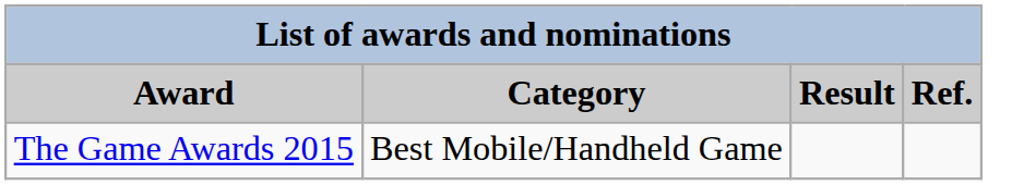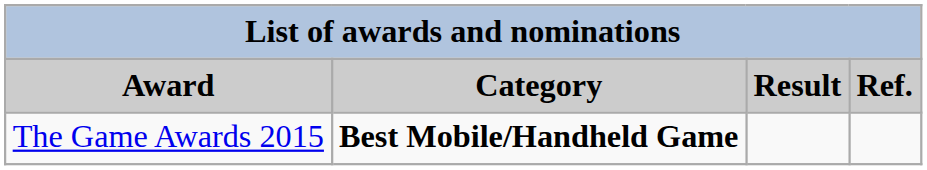 <table class="wikitable" style="font-size:90%;">
 <tr>
 <th colspan="4" style="background:#B0C4DE;">List of awards and nominations</th>
 </tr>
 <tr>
 <th style="background:#ccc;">Award</th>
 <th style="background:#ccc;">Category</th>
 <th style="background:#ccc;">Result</th>
 <th style="background:#ccc;">Ref.</th>
 </tr>
 <tr>
 <td><a href='#'>The Game Awards 2015</a></td>
-<td>Best Mobile/Handheld Game</td>
+<td><strong>Best Mobile/Handheld Game</strong></td>
 <td></td>
 <td></td>
 </tr>
 </table>
